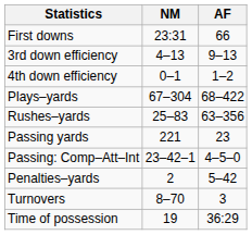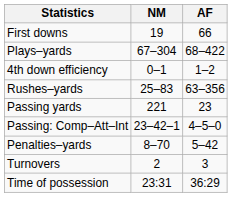 <table class="wikitable">
 <tr>
 <th>Statistics</th>
 <th>NM</th>
 <th>AF</th>
 </tr>
 <tr>
 <td>First downs</td>
-<td align=center>23:31</td>
+<td align=center>19</td>
 <td align=center>66</td>
 </tr>
 <tr>
-<td>3rd down efficiency</td>
-<td align=center>4–13</td>
-<td align=center>9–13</td>
+<td>Plays–yards</td>
+<td align=center>67–304</td>
+<td align=center>68–422</td>
 </tr>
 <tr>
 <td>4th down efficiency</td>
 <td align=center>0–1</td>
 <td align=center>1–2</td>
-</tr>
-<tr>
-<td>Plays–yards</td>
-<td align=center>67–304</td>
-<td align=center>68–422</td>
 </tr>
 <tr>
 <td>Rushes–yards</td>
 <td align=center>25–83</td>
 <td align=center>63–356</td>
 </tr>
 <tr>
 <td>Passing yards</td>
 <td align=center>221</td>
 <td align=center>23</td>
 </tr>
 <tr>
 <td>Passing: Comp–Att–Int</td>
 <td align=center>23–42–1</td>
 <td align=center>4–5–0</td>
 </tr>
 <tr>
 <td>Penalties–yards</td>
-<td align=center>2</td>
+<td align=center>8–70</td>
 <td align=center>5–42</td>
 </tr>
 <tr>
 <td>Turnovers</td>
-<td align=center>8–70</td>
+<td align=center>2</td>
 <td align=center>3</td>
 </tr>
 <tr>
 <td>Time of possession</td>
-<td align=center>19</td>
+<td align=center>23:31</td>
 <td align=center>36:29</td>
 </tr>
 </table>
